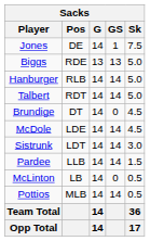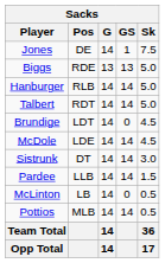 <table class="wikitable" style="text-align:center">
 <tr>
 <th colspan="5">Sacks</th>
 </tr>
 <tr>
 <th>Player</th>
 <th>Pos</th>
 <th>G</th>
 <th>GS</th>
 <th>Sk</th>
 </tr>
 <tr>
 <td><a href='#'>Jones</a></td>
 <td>DE</td>
 <td>14</td>
 <td>1</td>
 <td>7.5</td>
 </tr>
 <tr>
 <td><a href='#'>Biggs</a></td>
 <td>RDE</td>
 <td>13</td>
 <td>13</td>
 <td>5.0</td>
 </tr>
 <tr>
 <td><a href='#'>Hanburger</a></td>
 <td>RLB</td>
 <td>14</td>
 <td>14</td>
 <td>5.0</td>
 </tr>
 <tr>
 <td><a href='#'>Talbert</a></td>
 <td>RDT</td>
 <td>14</td>
 <td>14</td>
 <td>5.0</td>
 </tr>
 <tr>
 <td><a href='#'>Brundige</a></td>
-<td>DT</td>
+<td>LDT</td>
 <td>14</td>
 <td>0</td>
 <td>4.5</td>
 </tr>
 <tr>
 <td><a href='#'>McDole</a></td>
 <td>LDE</td>
 <td>14</td>
 <td>14</td>
 <td>4.5</td>
 </tr>
 <tr>
 <td><a href='#'>Sistrunk</a></td>
-<td>LDT</td>
+<td>DT</td>
 <td>14</td>
 <td>14</td>
 <td>3.0</td>
 </tr>
 <tr>
 <td><a href='#'>Pardee</a></td>
 <td>LLB</td>
 <td>14</td>
 <td>14</td>
 <td>1.5</td>
 </tr>
 <tr>
 <td><a href='#'>McLinton</a></td>
 <td>LB</td>
 <td>14</td>
 <td>0</td>
 <td>0.5</td>
 </tr>
 <tr>
 <td><a href='#'>Pottios</a></td>
 <td>MLB</td>
 <td>14</td>
 <td>14</td>
 <td>0.5</td>
 </tr>
 <tr>
 <th>Team Total</th>
 <th></th>
 <th>14</th>
 <th></th>
 <th>36</th>
 </tr>
 <tr>
 <th>Opp Total</th>
 <th></th>
 <th>14</th>
 <th></th>
 <th>17</th>
 </tr>
 </table>
